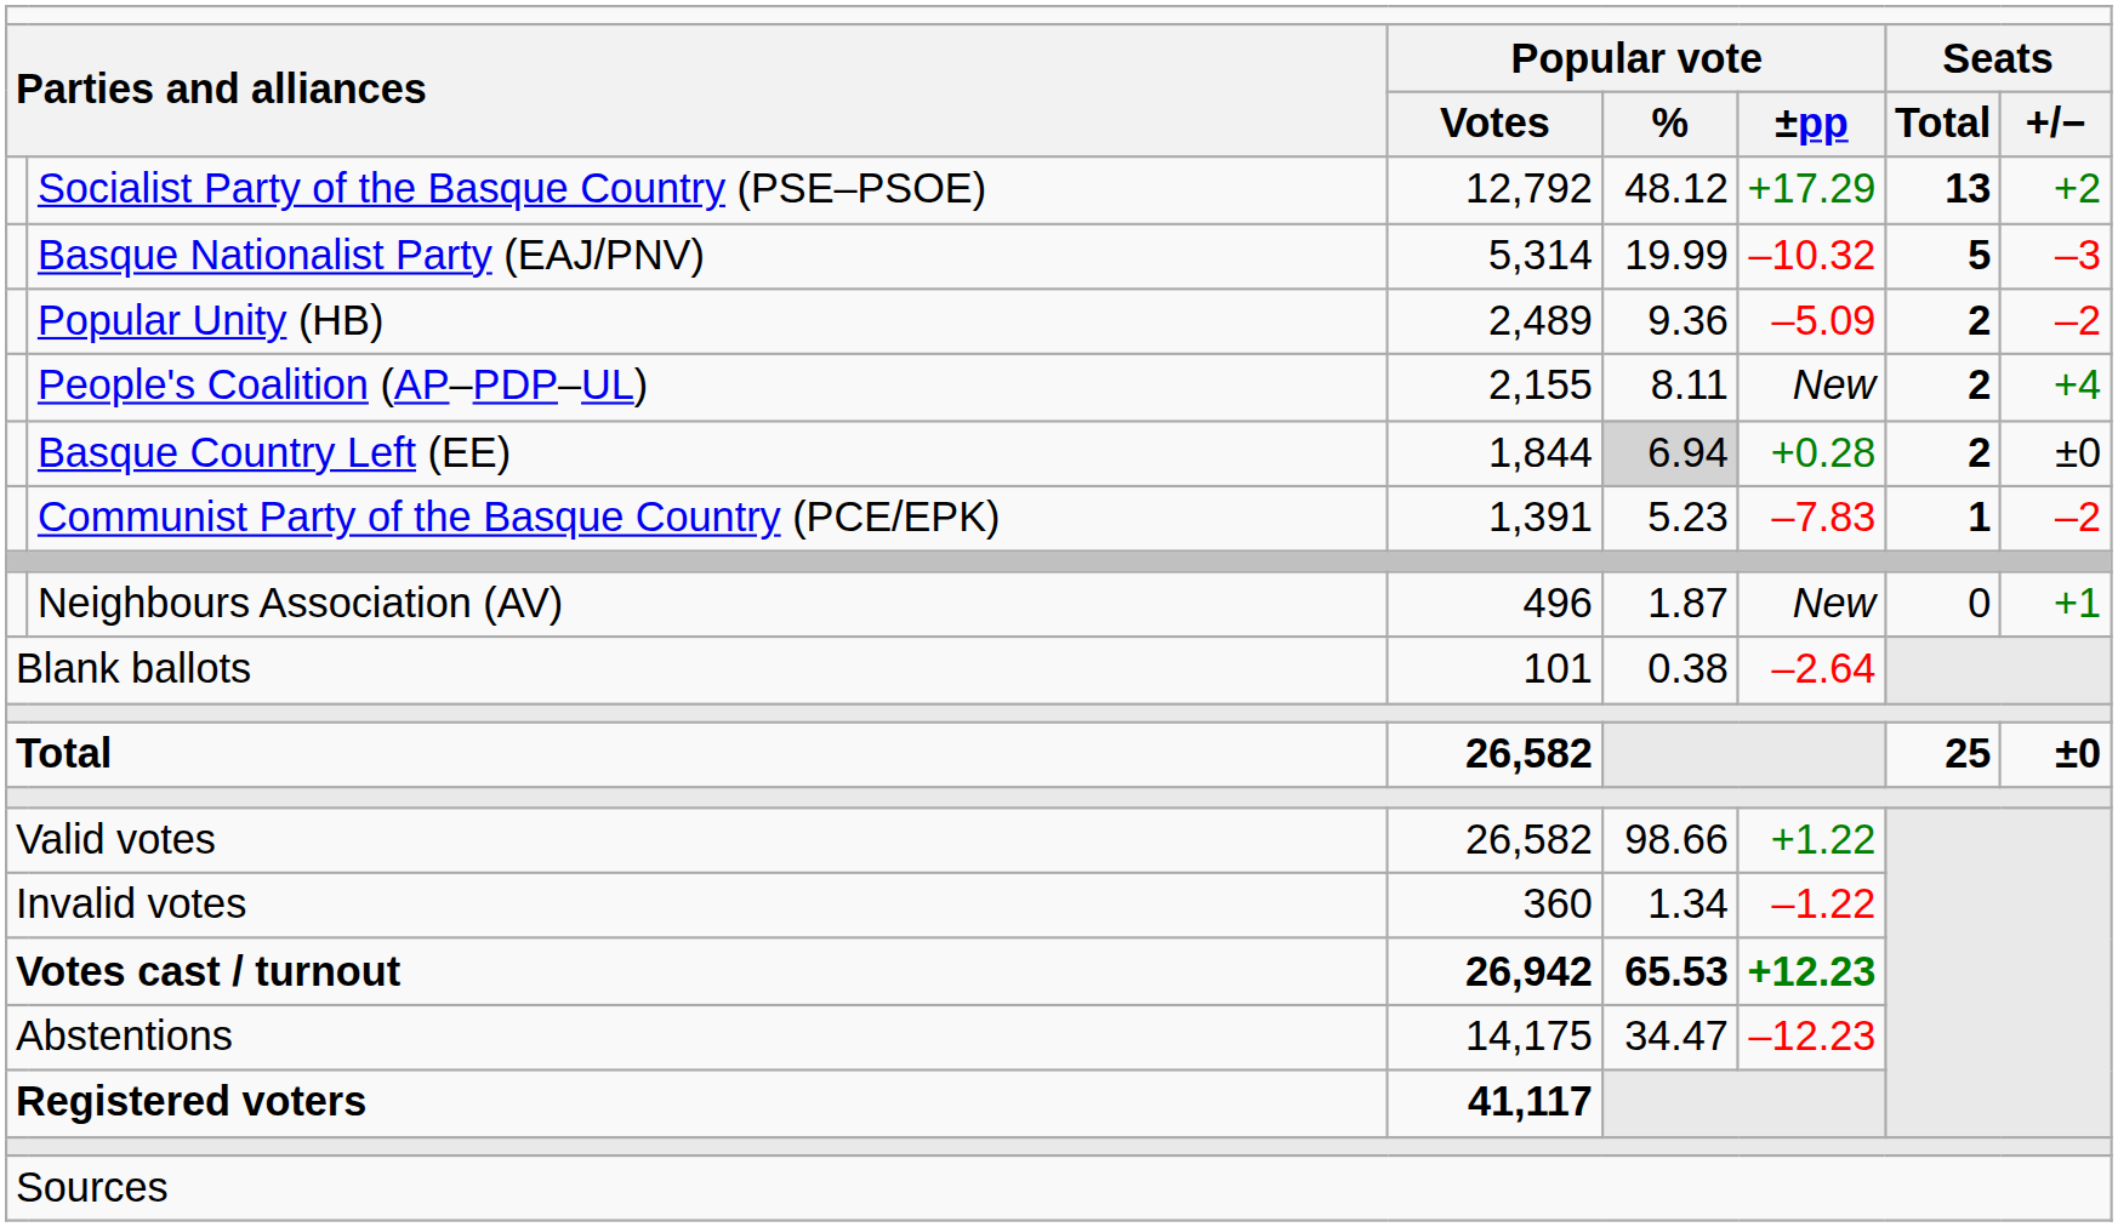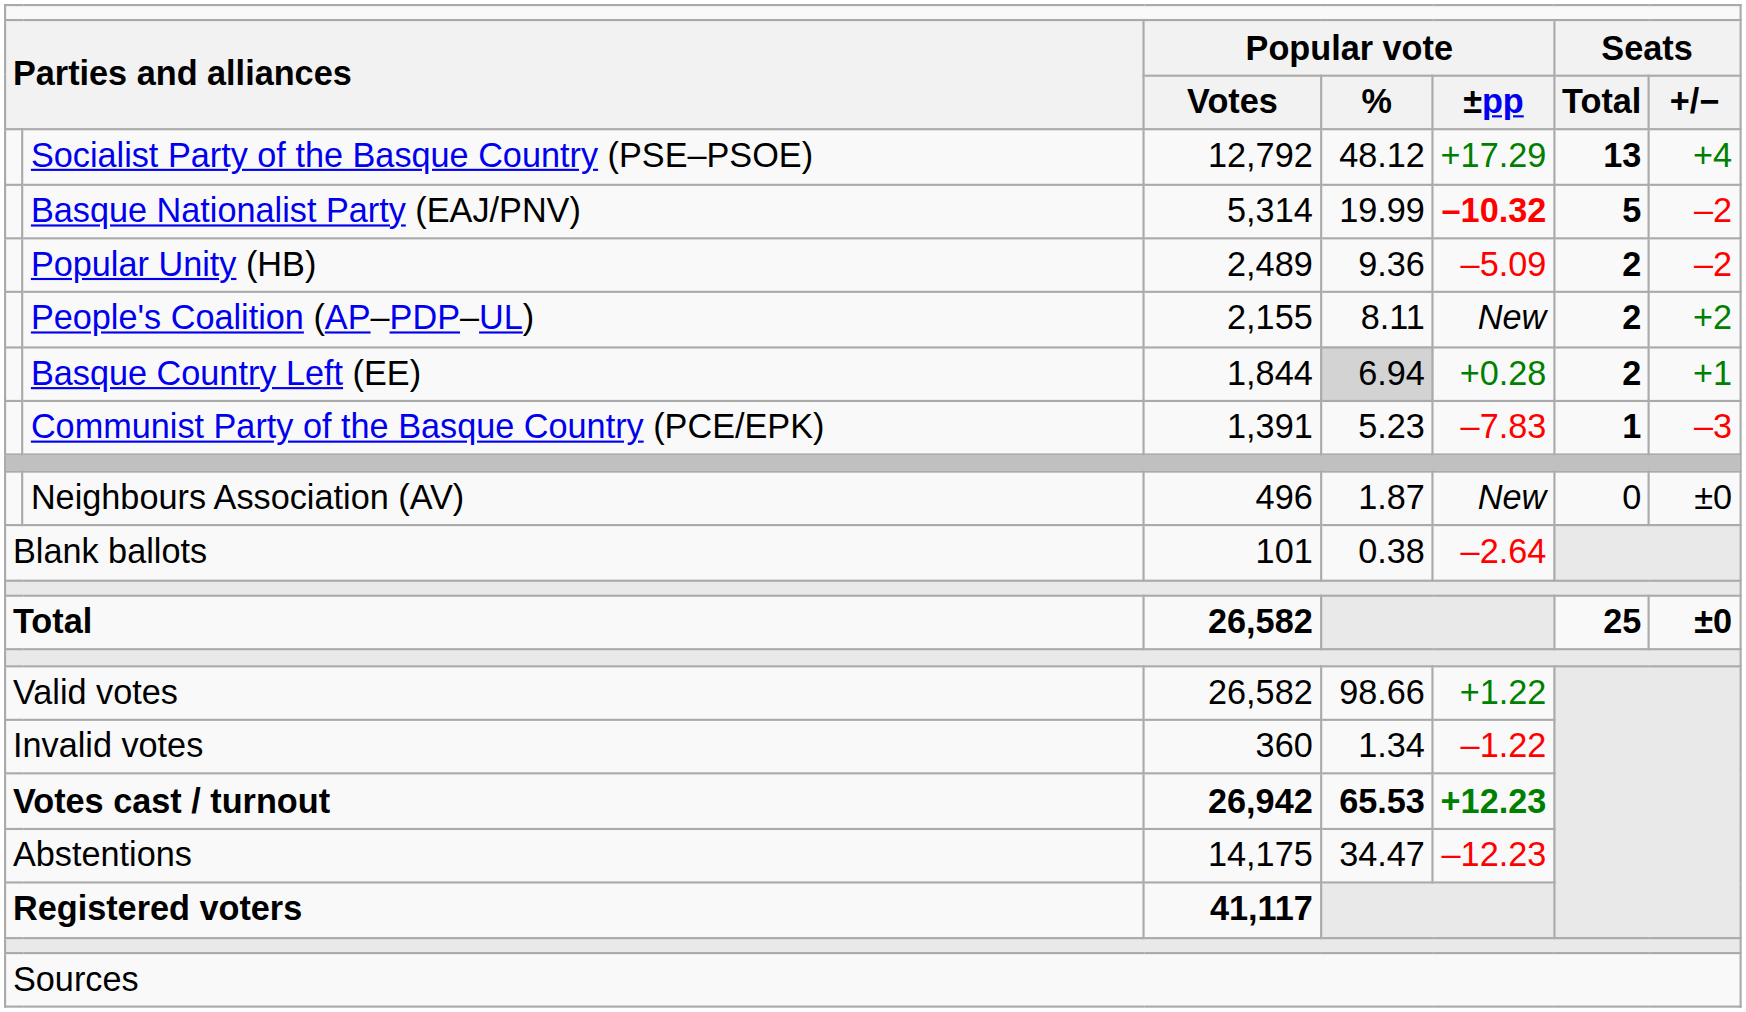 <table class="wikitable" style="text-align:right;">
 <tr>
 <td colspan="7"></td>
 </tr>
 <tr>
 <th style="text-align:left;" rowspan="2" colspan="2" width="525">Parties and alliances</th>
 <th colspan="3">Popular vote</th>
 <th colspan="2">Seats</th>
 </tr>
 <tr>
 <th width="75">Votes</th>
 <th width="45">%</th>
 <th width="45">±<a href='#'>pp</a></th>
 <th width="35">Total</th>
 <th width="35">+/−</th>
 </tr>
 <tr>
 <td width="1" style="color:inherit;background:"></td>
 <td align="left"><a href='#'>Socialist Party of the Basque Country</a> (PSE–PSOE)</td>
 <td>12,792</td>
 <td>48.12</td>
 <td style="color:green;">+17.29</td>
 <td><strong>13</strong></td>
-<td style="color:green;">+2</td>
+<td style="color:green;">+4</td>
 </tr>
 <tr>
 <td style="color:inherit;background:"></td>
 <td align="left"><a href='#'>Basque Nationalist Party</a> (EAJ/PNV)</td>
 <td>5,314</td>
 <td>19.99</td>
-<td style="color:red;">–10.32</td>
+<td style="color:red;"><strong>–10.32</strong></td>
 <td><strong>5</strong></td>
-<td style="color:red;">–3</td>
+<td style="color:red;">–2</td>
 </tr>
 <tr>
 <td style="color:inherit;background:"></td>
 <td align="left"><a href='#'>Popular Unity</a> (HB)</td>
 <td>2,489</td>
 <td>9.36</td>
 <td style="color:red;">–5.09</td>
 <td><strong>2</strong></td>
 <td style="color:red;">–2</td>
 </tr>
 <tr>
 <td style="color:inherit;background:"></td>
 <td align="left"><a href='#'>People's Coalition</a> (<a href='#'>AP</a>–<a href='#'>PDP</a>–<a href='#'>UL</a>)</td>
 <td>2,155</td>
 <td>8.11</td>
 <td><em>New</em></td>
 <td><strong>2</strong></td>
-<td style="color:green;">+4</td>
+<td style="color:green;">+2</td>
 </tr>
 <tr>
 <td style="color:inherit;background:"></td>
 <td align="left"><a href='#'>Basque Country Left</a> (EE)</td>
 <td>1,844</td>
 <td style="background: lightgrey;">6.94</td>
 <td style="color:green;">+0.28</td>
 <td><strong>2</strong></td>
-<td>±0</td>
+<td style="color:green;">+1</td>
 </tr>
 <tr>
 <td style="color:inherit;background:"></td>
 <td align="left"><a href='#'>Communist Party of the Basque Country</a> (PCE/EPK)</td>
 <td>1,391</td>
 <td>5.23</td>
 <td style="color:red;">–7.83</td>
 <td><strong>1</strong></td>
-<td style="color:red;">–2</td>
+<td style="color:red;">–3</td>
 </tr>
 <tr>
 <td colspan="7" bgcolor="#C0C0C0"></td>
 </tr>
 <tr>
 <td style="color:inherit;background:"></td>
 <td align="left">Neighbours Association (AV)</td>
 <td>496</td>
 <td>1.87</td>
 <td><em>New</em></td>
 <td>0</td>
-<td style="color:green;">+1</td>
+<td>±0</td>
 </tr>
 <tr>
 <td align="left" colspan="2">Blank ballots</td>
 <td>101</td>
 <td>0.38</td>
 <td style="color:red;">–2.64</td>
 <td bgcolor="#E9E9E9" colspan="2"></td>
 </tr>
 <tr>
 <td colspan="7" bgcolor="#E9E9E9"></td>
 </tr>
 <tr style="font-weight:bold;">
 <td align="left" colspan="2">Total</td>
 <td>26,582</td>
 <td bgcolor="#E9E9E9" colspan="2"></td>
 <td>25</td>
 <td>±0</td>
 </tr>
 <tr>
 <td colspan="7" bgcolor="#E9E9E9"></td>
 </tr>
 <tr>
 <td align="left" colspan="2">Valid votes</td>
 <td>26,582</td>
 <td>98.66</td>
 <td style="color:green;">+1.22</td>
 <td bgcolor="#E9E9E9" colspan="2" rowspan="5"></td>
 </tr>
 <tr>
 <td align="left" colspan="2">Invalid votes</td>
 <td>360</td>
 <td>1.34</td>
 <td style="color:red;">–1.22</td>
 </tr>
 <tr style="font-weight:bold;">
 <td align="left" colspan="2">Votes cast / turnout</td>
 <td>26,942</td>
 <td>65.53</td>
 <td style="color:green;">+12.23</td>
 </tr>
 <tr>
 <td align="left" colspan="2">Abstentions</td>
 <td>14,175</td>
 <td>34.47</td>
 <td style="color:red;">–12.23</td>
 </tr>
 <tr style="font-weight:bold;">
 <td align="left" colspan="2">Registered voters</td>
 <td>41,117</td>
 <td bgcolor="#E9E9E9" colspan="2"></td>
 </tr>
 <tr>
 <td colspan="7" bgcolor="#E9E9E9"></td>
 </tr>
 <tr>
 <td align="left" colspan="7">Sources</td>
 </tr>
 </table>
